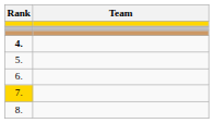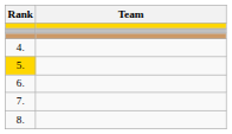 <table class="wikitable" style="border-collapse: collapse; font-size: 90%;">
 <tr>
 <th>Rank</th>
 <th align="left" style="width: 17em">Team</th>
 </tr>
 <tr bgcolor=gold>
 <td align="center"></td>
 <td></td>
 </tr>
 <tr bgcolor=silver>
 <td align="center"></td>
 <td></td>
 </tr>
 <tr bgcolor=cc9966>
 <td align="center"></td>
 <td></td>
 </tr>
 <tr>
-<td align="center"><strong>4.</strong></td>
+<td align="center">4.</td>
 <td></td>
 </tr>
 <tr>
-<td align="center">5.</td>
+<td align="center" style="background: gold;">5.</td>
 <td></td>
 </tr>
 <tr>
 <td align="center">6.</td>
 <td></td>
 </tr>
 <tr>
-<td align="center" style="background: gold;">7.</td>
+<td align="center">7.</td>
 <td></td>
 </tr>
 <tr>
 <td align="center">8.</td>
 <td></td>
 </tr>
 </table>
